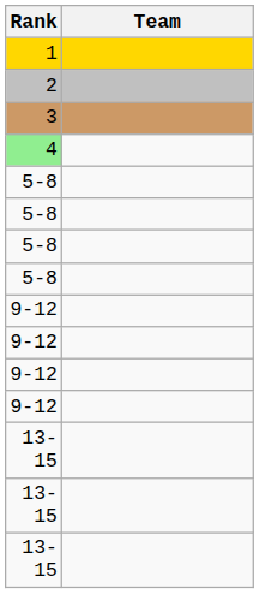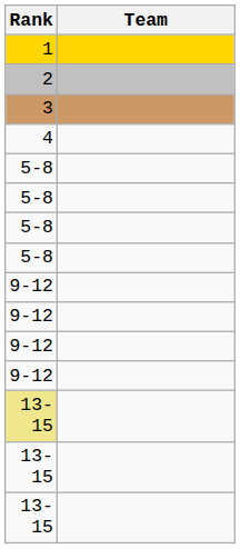 <table class=wikitable>
 <tr>
 <th width=20>Rank</th>
 <th width=120>Team</th>
 </tr>
 <tr bgcolor=gold>
 <td align=right>1</td>
 <td><strong></strong></td>
 </tr>
 <tr bgcolor=silver>
 <td align=right>2</td>
 <td></td>
 </tr>
 <tr bgcolor=#cc9966>
 <td align=right>3</td>
 <td></td>
 </tr>
 <tr>
-<td align=right style="background: lightgreen;">4</td>
+<td align=right>4</td>
 <td></td>
 </tr>
 <tr>
 <td align=right>5-8</td>
 <td></td>
 </tr>
 <tr>
 <td align=right>5-8</td>
 <td></td>
 </tr>
 <tr>
 <td align=right>5-8</td>
 <td></td>
 </tr>
 <tr>
 <td align=right>5-8</td>
 <td></td>
 </tr>
 <tr>
 <td align=right>9-12</td>
 <td></td>
 </tr>
 <tr>
 <td align=right>9-12</td>
 <td></td>
 </tr>
 <tr>
 <td align=right>9-12</td>
 <td></td>
 </tr>
 <tr>
 <td align=right>9-12</td>
 <td></td>
 </tr>
 <tr>
-<td align=right>13-15</td>
+<td align=right style="background: khaki;">13-15</td>
 <td></td>
 </tr>
 <tr>
 <td align=right>13-15</td>
 <td></td>
 </tr>
 <tr>
 <td align=right>13-15</td>
 <td></td>
 </tr>
 </table>
